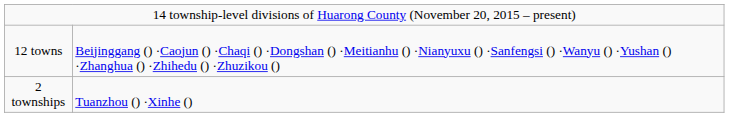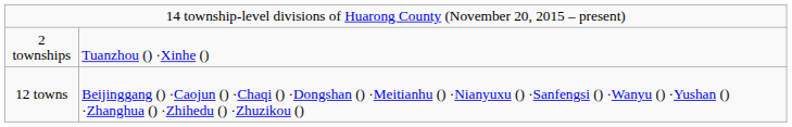 <table class="wikitable">
 <tr>
 <td style="text-align:center;" colspan="2">14 township-level divisions of <a href='#'>Huarong County</a> (November 20, 2015 – present)</td>
 </tr>
 <tr align=left>
+<td align=center>2 townships</td>
+<td><br><a href='#'>Tuanzhou</a> () ·<a href='#'>Xinhe</a> ()</td>
+</tr>
+<tr align=left>
 <td align=center>12 towns</td>
 <td><br><a href='#'>Beijinggang</a> () ·<a href='#'>Caojun</a> () ·<a href='#'>Chaqi</a> () ·<a href='#'>Dongshan</a> () ·<a href='#'>Meitianhu</a> () ·<a href='#'>Nianyuxu</a> () ·<a href='#'>Sanfengsi</a> () ·<a href='#'>Wanyu</a> () ·<a href='#'>Yushan</a> () ·<a href='#'>Zhanghua</a> () ·<a href='#'>Zhihedu</a> () ·<a href='#'>Zhuzikou</a> ()</td>
 </tr>
-<tr align=left>
-<td align=center>2 townships</td>
-<td><br><a href='#'>Tuanzhou</a> () ·<a href='#'>Xinhe</a> ()</td>
-</tr>
 </table>
